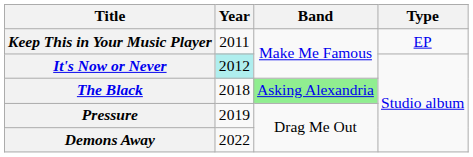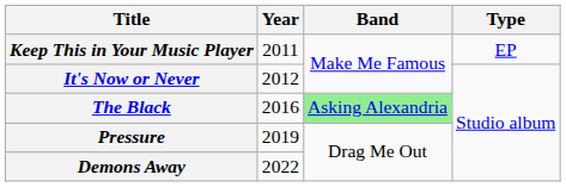 <table class="wikitable plainrowheaders" style="text-align:center;">
 <tr>
 <th>Title</th>
 <th>Year</th>
 <th>Band</th>
 <th>Type</th>
 </tr>
 <tr>
 <th scope="row"><em>Keep This in Your Music Player</em></th>
 <td>2011</td>
 <td rowspan="2"><a href='#'>Make Me Famous</a></td>
 <td><a href='#'>EP</a></td>
 </tr>
 <tr>
 <th scope="row"><em><a href='#'>It's Now or Never</a></em></th>
-<td style="background: paleturquoise;">2012</td>
+<td>2012</td>
 <td rowspan="4"><a href='#'>Studio album</a></td>
 </tr>
 <tr>
 <th scope="row"><em><a href='#'>The Black</a></em></th>
-<td>2018</td>
+<td>2016</td>
 <td style="background: lightgreen;"><a href='#'>Asking Alexandria</a></td>
 </tr>
 <tr>
 <th scope="row"><em>Pressure</em></th>
 <td>2019</td>
 <td rowspan="2">Drag Me Out</td>
 </tr>
 <tr>
 <th scope="row"><em>Demons Away</em></th>
 <td>2022</td>
 </tr>
 </table>
